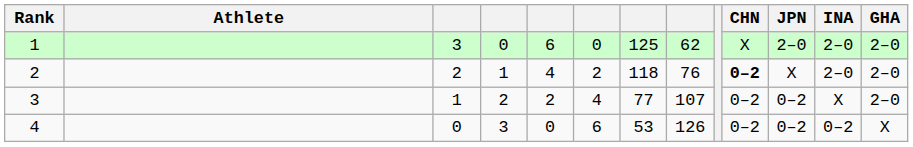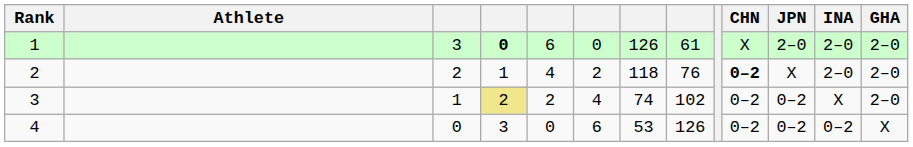 <table class="wikitable" style="text-align:center">
 <tr>
 <th width=40>Rank</th>
 <th width=280>Athlete</th>
 <th width=30></th>
 <th width=30></th>
 <th width=30></th>
 <th width=30></th>
 <th width=30></th>
 <th width=30></th>
 <th rowspan=5></th>
 <th width=30>CHN</th>
 <th width=30>JPN</th>
 <th width=30>INA</th>
 <th width=30>GHA</th>
 </tr>
 <tr style="background-color:#ccffcc;">
 <td>1</td>
 <td align=left></td>
 <td>3</td>
-<td>0</td>
+<td><strong>0</strong></td>
 <td>6</td>
 <td>0</td>
-<td>125</td>
-<td>62</td>
+<td>126</td>
+<td>61</td>
 <td>X</td>
 <td>2–0</td>
 <td>2–0</td>
 <td>2–0</td>
 </tr>
 <tr>
 <td>2</td>
 <td align=left></td>
 <td>2</td>
 <td>1</td>
 <td>4</td>
 <td>2</td>
 <td>118</td>
 <td>76</td>
 <td><strong>0–2</strong></td>
 <td>X</td>
 <td>2–0</td>
 <td>2–0</td>
 </tr>
 <tr>
 <td>3</td>
 <td align=left></td>
 <td>1</td>
-<td>2</td>
+<td style="background: khaki;">2</td>
 <td>2</td>
 <td>4</td>
-<td>77</td>
-<td>107</td>
+<td>74</td>
+<td>102</td>
 <td>0–2</td>
 <td>0–2</td>
 <td>X</td>
 <td>2–0</td>
 </tr>
 <tr>
 <td>4</td>
 <td align=left></td>
 <td>0</td>
 <td>3</td>
 <td>0</td>
 <td>6</td>
 <td>53</td>
 <td>126</td>
 <td>0–2</td>
 <td>0–2</td>
 <td>0–2</td>
 <td>X</td>
 </tr>
 </table>
